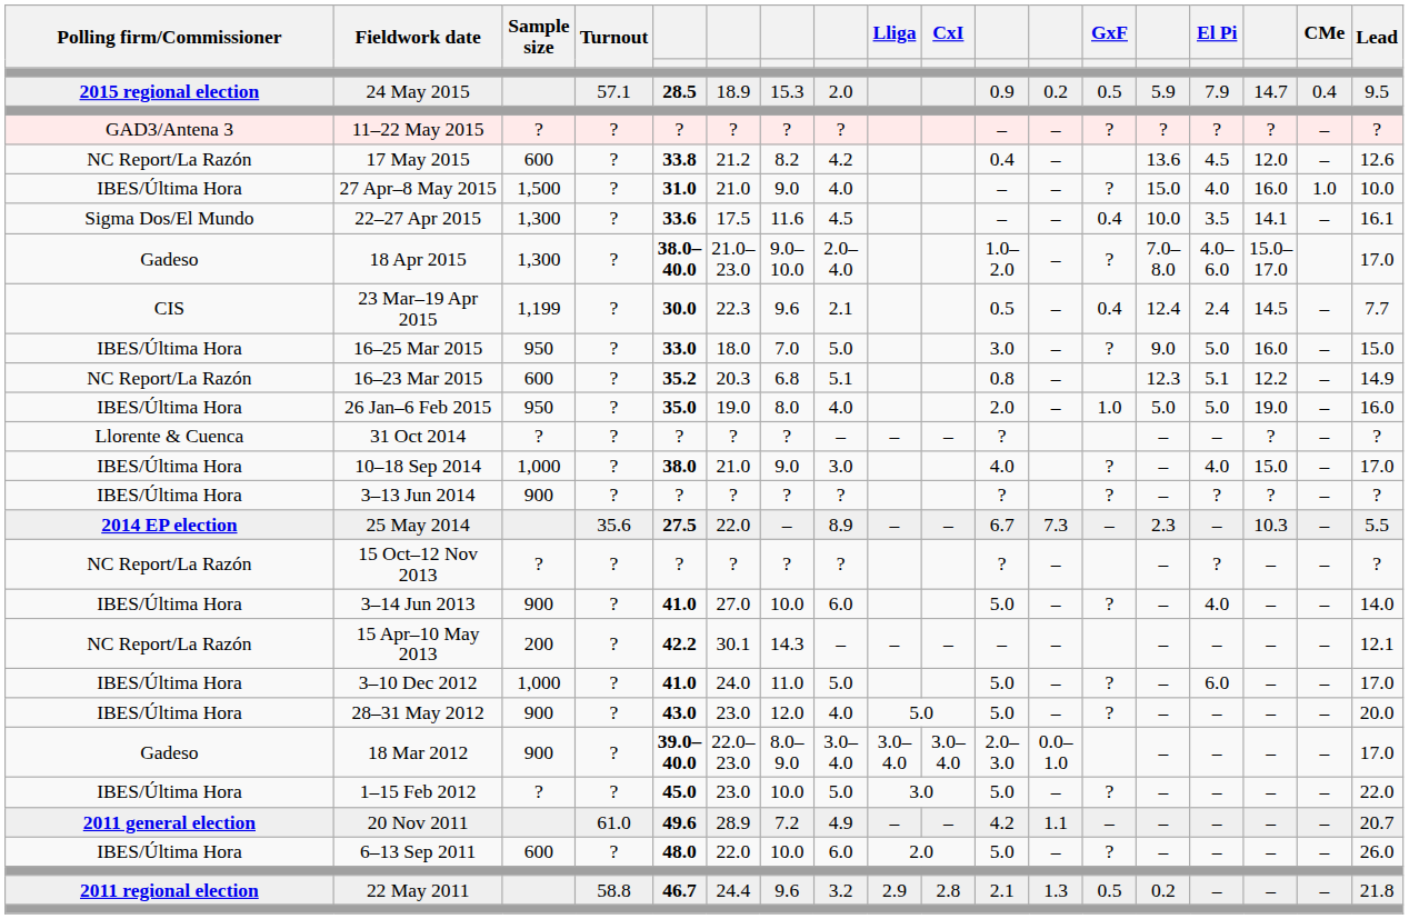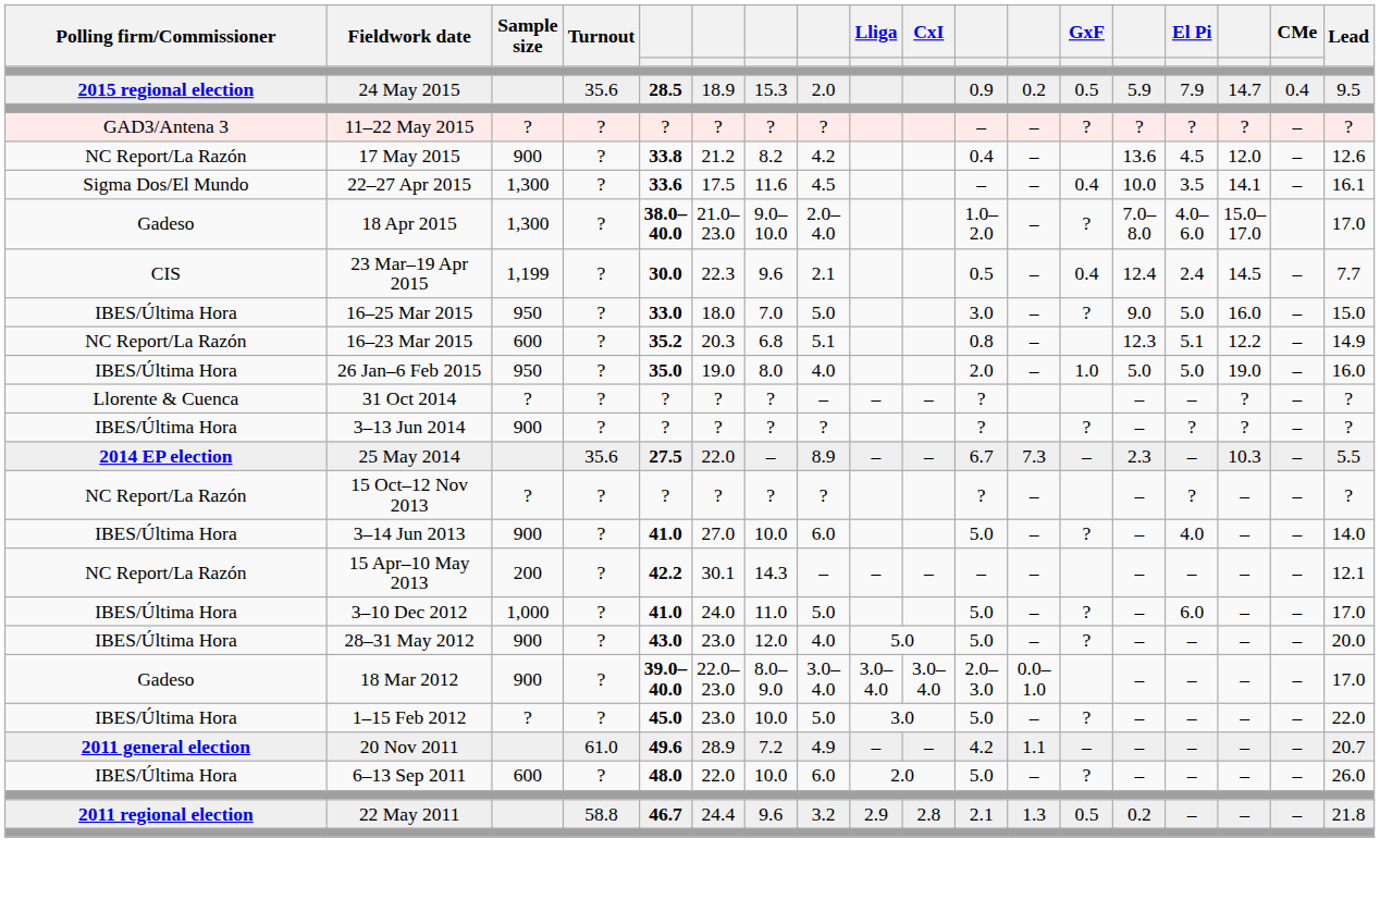 <table class="wikitable collapsible collapsed" style="text-align:center; font-size:95%; line-height:16px;">
 <tr style="height:42px;">
 <th style="width:250px;" rowspan="2">Polling firm/Commissioner</th>
 <th style="width:125px;" rowspan="2">Fieldwork date</th>
 <th style="width:50px;" rowspan="2">Sample size</th>
 <th style="width:45px;" rowspan="2">Turnout</th>
 <th style="width:35px;"></th>
 <th style="width:35px;"></th>
 <th style="width:35px;"></th>
 <th style="width:35px;"></th>
 <th style="width:35px;"><a href='#'>Lliga</a></th>
 <th style="width:35px;"><a href='#'>CxI</a></th>
 <th style="width:35px;"></th>
 <th style="width:35px;"></th>
 <th style="width:35px;"><a href='#'>GxF</a></th>
 <th style="width:35px;"></th>
 <th style="width:35px;"><a href='#'>El Pi</a></th>
 <th style="width:35px;"></th>
 <th style="width:35px;">CMe</th>
 <th style="width:30px;" rowspan="2">Lead</th>
 </tr>
 <tr>
 <th style="color:inherit;background:"></th>
 <th style="color:inherit;background:"></th>
 <th style="color:inherit;background:"></th>
 <th style="color:inherit;background:"></th>
 <th style="color:inherit;background:"></th>
 <th style="color:inherit;background:"></th>
 <th style="color:inherit;background:"></th>
 <th style="color:inherit;background:"></th>
 <th style="color:inherit;background:"></th>
 <th style="color:inherit;background:"></th>
 <th style="color:inherit;background:"></th>
 <th style="color:inherit;background:"></th>
 <th style="color:inherit;background:"></th>
 </tr>
 <tr>
 <td colspan="18" style="background:#A0A0A0"></td>
 </tr>
 <tr style="background:#EFEFEF;">
 <td><strong><a href='#'>2015 regional election</a></strong></td>
 <td>24 May 2015</td>
 <td></td>
-<td>57.1</td>
+<td>35.6</td>
 <td><strong>28.5</strong><br></td>
 <td>18.9<br></td>
 <td>15.3<br></td>
 <td>2.0<br></td>
 <td></td>
 <td></td>
 <td>0.9<br></td>
 <td>0.2<br></td>
 <td>0.5<br></td>
 <td>5.9<br></td>
 <td>7.9<br></td>
 <td>14.7<br></td>
 <td>0.4<br></td>
 <td style="background:">9.5</td>
 </tr>
 <tr>
 <td colspan="18" style="background:#A0A0A0"></td>
 </tr>
 <tr style="background:#FFEAEA;">
 <td>GAD3/Antena 3</td>
 <td>11–22 May 2015</td>
 <td>?</td>
 <td>?</td>
 <td>?<br></td>
 <td>?<br></td>
 <td>?<br></td>
 <td>?<br></td>
 <td></td>
 <td></td>
 <td>–</td>
 <td>–</td>
 <td>?<br></td>
 <td>?<br></td>
 <td>?<br></td>
 <td>?<br></td>
 <td>–</td>
 <td style="background:">?</td>
 </tr>
 <tr>
 <td>NC Report/La Razón</td>
 <td>17 May 2015</td>
-<td>600</td>
+<td>900</td>
 <td>?</td>
 <td><strong>33.8</strong><br></td>
 <td>21.2<br></td>
 <td>8.2<br></td>
 <td>4.2<br></td>
 <td></td>
 <td></td>
 <td>0.4<br></td>
 <td>–</td>
 <td></td>
 <td>13.6<br></td>
 <td>4.5<br></td>
 <td>12.0<br></td>
 <td>–</td>
 <td style="background:">12.6</td>
-</tr>
-<tr>
-<td>IBES/Última Hora</td>
-<td>27 Apr–8 May 2015</td>
-<td>1,500</td>
-<td>?</td>
-<td><strong>31.0</strong><br></td>
-<td>21.0<br></td>
-<td>9.0<br></td>
-<td>4.0<br></td>
-<td></td>
-<td></td>
-<td>–</td>
-<td>–</td>
-<td>?<br></td>
-<td>15.0<br></td>
-<td>4.0<br></td>
-<td>16.0<br></td>
-<td>1.0<br></td>
-<td style="background:">10.0</td>
 </tr>
 <tr>
 <td>Sigma Dos/El Mundo</td>
 <td>22–27 Apr 2015</td>
 <td>1,300</td>
 <td>?</td>
 <td><strong>33.6</strong><br></td>
 <td>17.5<br></td>
 <td>11.6<br></td>
 <td>4.5<br></td>
 <td></td>
 <td></td>
 <td>–</td>
 <td>–</td>
 <td>0.4<br></td>
 <td>10.0<br></td>
 <td>3.5<br></td>
 <td>14.1<br></td>
 <td>–</td>
 <td style="background:">16.1</td>
 </tr>
 <tr>
 <td>Gadeso</td>
 <td>18 Apr 2015</td>
 <td>1,300</td>
 <td>?</td>
 <td><strong>38.0–<br>40.0</strong><br></td>
 <td>21.0–<br>23.0<br></td>
 <td>9.0–<br>10.0<br></td>
 <td>2.0–<br>4.0<br></td>
 <td></td>
 <td></td>
 <td>1.0–<br>2.0<br></td>
 <td>–</td>
 <td>?<br></td>
 <td>7.0–<br>8.0<br></td>
 <td>4.0–<br>6.0<br></td>
 <td>15.0–<br>17.0<br></td>
 <td></td>
 <td style="background:">17.0</td>
 </tr>
 <tr>
 <td>CIS</td>
 <td>23 Mar–19 Apr 2015</td>
 <td>1,199</td>
 <td>?</td>
 <td><strong>30.0</strong><br></td>
 <td>22.3<br></td>
 <td>9.6<br></td>
 <td>2.1<br></td>
 <td></td>
 <td></td>
 <td>0.5<br></td>
 <td>–</td>
 <td>0.4<br></td>
 <td>12.4<br></td>
 <td>2.4<br></td>
 <td>14.5<br></td>
 <td>–</td>
 <td style="background:">7.7</td>
 </tr>
 <tr>
 <td>IBES/Última Hora</td>
 <td>16–25 Mar 2015</td>
 <td>950</td>
 <td>?</td>
 <td><strong>33.0</strong><br></td>
 <td>18.0<br></td>
 <td>7.0<br></td>
 <td>5.0<br></td>
 <td></td>
 <td></td>
 <td>3.0<br></td>
 <td>–</td>
 <td>?<br></td>
 <td>9.0<br></td>
 <td>5.0<br></td>
 <td>16.0<br></td>
 <td>–</td>
 <td style="background:">15.0</td>
 </tr>
 <tr>
 <td>NC Report/La Razón</td>
 <td>16–23 Mar 2015</td>
 <td>600</td>
 <td>?</td>
 <td><strong>35.2</strong><br></td>
 <td>20.3<br></td>
 <td>6.8<br></td>
 <td>5.1<br></td>
 <td></td>
 <td></td>
 <td>0.8<br></td>
 <td>–</td>
 <td></td>
 <td>12.3<br></td>
 <td>5.1<br></td>
 <td>12.2<br></td>
 <td>–</td>
 <td style="background:">14.9</td>
 </tr>
 <tr>
 <td>IBES/Última Hora</td>
 <td>26 Jan–6 Feb 2015</td>
 <td>950</td>
 <td>?</td>
 <td><strong>35.0</strong><br></td>
 <td>19.0<br></td>
 <td>8.0<br></td>
 <td>4.0<br></td>
 <td></td>
 <td></td>
 <td>2.0<br></td>
 <td>–</td>
 <td>1.0<br></td>
 <td>5.0<br></td>
 <td>5.0<br></td>
 <td>19.0<br></td>
 <td>–</td>
 <td style="background:">16.0</td>
 </tr>
 <tr>
 <td>Llorente & Cuenca</td>
 <td>31 Oct 2014</td>
 <td>?</td>
 <td>?</td>
 <td>?<br></td>
 <td>?<br></td>
 <td>?<br></td>
 <td>–</td>
 <td>–</td>
 <td>–</td>
 <td>?<br></td>
 <td></td>
 <td></td>
 <td>–</td>
 <td>–</td>
 <td>?<br></td>
 <td>–</td>
 <td style="background:">?</td>
-</tr>
-<tr>
-<td>IBES/Última Hora</td>
-<td>10–18 Sep 2014</td>
-<td>1,000</td>
-<td>?</td>
-<td><strong>38.0</strong><br></td>
-<td>21.0<br></td>
-<td>9.0<br></td>
-<td>3.0<br></td>
-<td></td>
-<td></td>
-<td>4.0<br></td>
-<td></td>
-<td>?<br></td>
-<td>–</td>
-<td>4.0<br></td>
-<td>15.0<br></td>
-<td>–</td>
-<td style="background:">17.0</td>
 </tr>
 <tr>
 <td>IBES/Última Hora</td>
 <td>3–13 Jun 2014</td>
 <td>900</td>
 <td>?</td>
 <td>?<br></td>
 <td>?<br></td>
 <td>?<br></td>
 <td>?<br></td>
 <td></td>
 <td></td>
 <td>?<br></td>
 <td></td>
 <td>?<br></td>
 <td>–</td>
 <td>?<br></td>
 <td>?<br></td>
 <td>–</td>
 <td style="background:">?</td>
 </tr>
 <tr style="background:#EFEFEF;">
 <td><strong><a href='#'>2014 EP election</a></strong></td>
 <td>25 May 2014</td>
 <td></td>
 <td>35.6</td>
 <td><strong>27.5</strong><br></td>
 <td>22.0<br></td>
 <td>–</td>
 <td>8.9<br></td>
 <td>–</td>
 <td>–</td>
 <td>6.7<br></td>
 <td>7.3<br></td>
 <td>–</td>
 <td>2.3<br></td>
 <td>–</td>
 <td>10.3<br></td>
 <td>–</td>
 <td style="background:">5.5</td>
 </tr>
 <tr>
 <td>NC Report/La Razón</td>
 <td>15 Oct–12 Nov 2013</td>
 <td>?</td>
 <td>?</td>
 <td>?<br></td>
 <td>?<br></td>
 <td>?<br></td>
 <td>?<br></td>
 <td></td>
 <td></td>
 <td>?<br></td>
 <td>–</td>
 <td></td>
 <td>–</td>
 <td>?<br></td>
 <td>–</td>
 <td>–</td>
 <td style="background:">?</td>
 </tr>
 <tr>
 <td>IBES/Última Hora</td>
 <td>3–14 Jun 2013</td>
 <td>900</td>
 <td>?</td>
 <td><strong>41.0</strong><br></td>
 <td>27.0<br></td>
 <td>10.0<br></td>
 <td>6.0<br></td>
 <td></td>
 <td></td>
 <td>5.0<br></td>
 <td>–</td>
 <td>?<br></td>
 <td>–</td>
 <td>4.0<br></td>
 <td>–</td>
 <td>–</td>
 <td style="background:">14.0</td>
 </tr>
 <tr>
 <td>NC Report/La Razón</td>
 <td>15 Apr–10 May 2013</td>
 <td>200</td>
 <td>?</td>
 <td><strong>42.2</strong><br></td>
 <td>30.1<br></td>
 <td>14.3<br></td>
 <td>–</td>
 <td>–</td>
 <td>–</td>
 <td>–</td>
 <td>–</td>
 <td></td>
 <td>–</td>
 <td>–</td>
 <td>–</td>
 <td>–</td>
 <td style="background:">12.1</td>
 </tr>
 <tr>
 <td>IBES/Última Hora</td>
 <td>3–10 Dec 2012</td>
 <td>1,000</td>
 <td>?</td>
 <td><strong>41.0</strong><br></td>
 <td>24.0<br></td>
 <td>11.0<br></td>
 <td>5.0<br></td>
 <td></td>
 <td></td>
 <td>5.0<br></td>
 <td>–</td>
 <td>?<br></td>
 <td>–</td>
 <td>6.0<br></td>
 <td>–</td>
 <td>–</td>
 <td style="background:">17.0</td>
 </tr>
 <tr>
 <td>IBES/Última Hora</td>
 <td>28–31 May 2012</td>
 <td>900</td>
 <td>?</td>
 <td><strong>43.0</strong><br></td>
 <td>23.0<br></td>
 <td>12.0<br></td>
 <td>4.0<br></td>
 <td colspan="2">5.0<br></td>
 <td>5.0<br></td>
 <td>–</td>
 <td>?<br></td>
 <td>–</td>
 <td>–</td>
 <td>–</td>
 <td>–</td>
 <td style="background:">20.0</td>
 </tr>
 <tr>
 <td>Gadeso</td>
 <td>18 Mar 2012</td>
 <td>900</td>
 <td>?</td>
 <td><strong>39.0–<br>40.0</strong></td>
 <td>22.0–<br>23.0</td>
 <td>8.0–<br>9.0</td>
 <td>3.0–<br>4.0</td>
 <td>3.0–<br>4.0</td>
 <td>3.0–<br>4.0</td>
 <td>2.0–<br>3.0</td>
 <td>0.0–<br>1.0</td>
 <td></td>
 <td>–</td>
 <td>–</td>
 <td>–</td>
 <td>–</td>
 <td style="background:">17.0</td>
 </tr>
 <tr>
 <td>IBES/Última Hora</td>
 <td>1–15 Feb 2012</td>
 <td>?</td>
 <td>?</td>
 <td><strong>45.0</strong><br></td>
 <td>23.0<br></td>
 <td>10.0<br></td>
 <td>5.0<br></td>
 <td colspan="2">3.0<br></td>
 <td>5.0<br></td>
 <td>–</td>
 <td>?<br></td>
 <td>–</td>
 <td>–</td>
 <td>–</td>
 <td>–</td>
 <td style="background:">22.0</td>
 </tr>
 <tr style="background:#EFEFEF;">
 <td><strong><a href='#'>2011 general election</a></strong></td>
 <td>20 Nov 2011</td>
 <td></td>
 <td>61.0</td>
 <td><strong>49.6</strong><br></td>
 <td>28.9<br></td>
 <td>7.2<br></td>
 <td>4.9<br></td>
 <td>–</td>
 <td>–</td>
 <td>4.2<br></td>
 <td>1.1<br></td>
 <td>–</td>
 <td>–</td>
 <td>–</td>
 <td>–</td>
 <td>–</td>
 <td style="background:">20.7</td>
 </tr>
 <tr>
 <td>IBES/Última Hora</td>
 <td>6–13 Sep 2011</td>
 <td>600</td>
 <td>?</td>
 <td><strong>48.0</strong><br></td>
 <td>22.0<br></td>
 <td>10.0<br></td>
 <td>6.0<br></td>
 <td colspan="2">2.0<br></td>
 <td>5.0<br></td>
 <td>–</td>
 <td>?<br></td>
 <td>–</td>
 <td>–</td>
 <td>–</td>
 <td>–</td>
 <td style="background:">26.0</td>
 </tr>
 <tr>
 <td colspan="18" style="background:#A0A0A0"></td>
 </tr>
 <tr style="background:#EFEFEF;">
 <td><strong><a href='#'>2011 regional election</a></strong></td>
 <td>22 May 2011</td>
 <td></td>
 <td>58.8</td>
 <td><strong>46.7</strong><br></td>
 <td>24.4<br></td>
 <td>9.6<br></td>
 <td>3.2<br></td>
 <td>2.9<br></td>
 <td>2.8<br></td>
 <td>2.1<br></td>
 <td>1.3<br></td>
 <td>0.5<br></td>
 <td>0.2<br></td>
 <td>–</td>
 <td>–</td>
 <td>–</td>
 <td style="background:">21.8</td>
 </tr>
 <tr>
 <td colspan="18" style="background:#A0A0A0"></td>
 </tr>
 </table>
